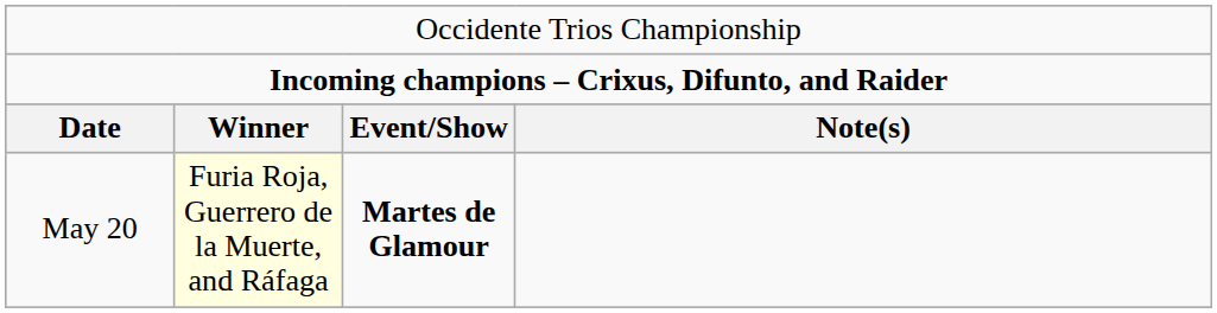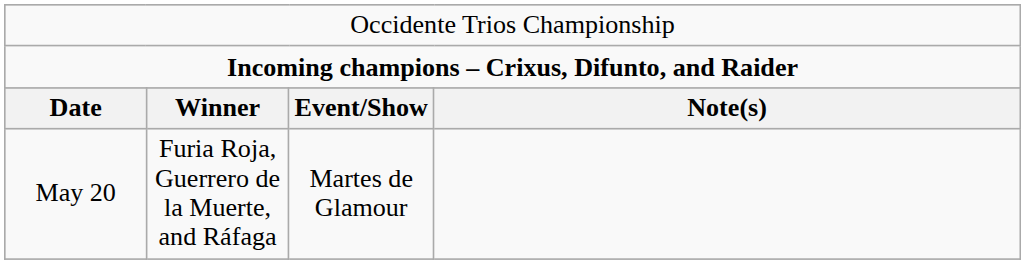 <table class="wikitable" style="text-align:center; width:100%;">
 <tr>
 <td colspan="4" style="text-align: center;">Occidente Trios Championship</td>
 </tr>
 <tr>
 <td colspan="4" style="text-align: center;"><strong>Incoming champions – Crixus, Difunto, and Raider</strong></td>
 </tr>
 <tr>
 <th width=14%>Date</th>
 <th width=14%>Winner</th>
 <th width=14%>Event/Show</th>
 <th width=58%>Note(s)</th>
 </tr>
 <tr>
 <td>May 20</td>
-<td style="background: lightyellow;">Furia Roja, Guerrero de la Muerte, and Ráfaga</td>
-<td><strong>Martes de Glamour</strong></td>
+<td>Furia Roja, Guerrero de la Muerte, and Ráfaga</td>
+<td>Martes de Glamour</td>
 <td></td>
 </tr>
 </table>
